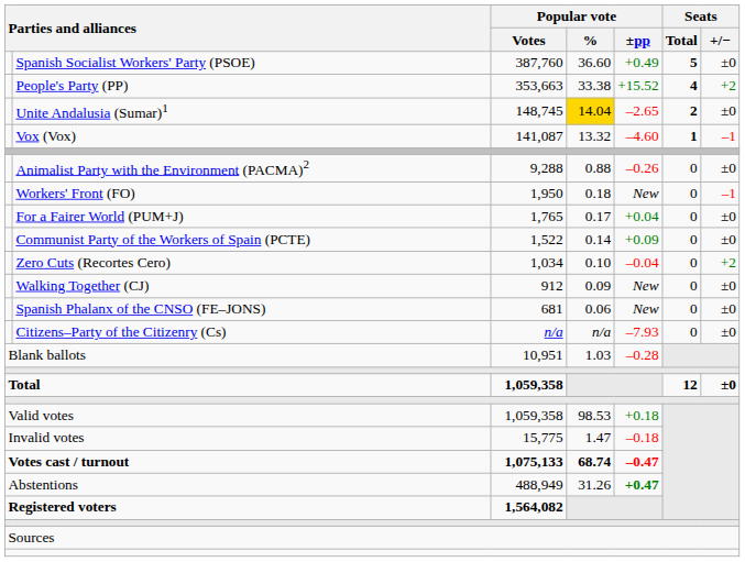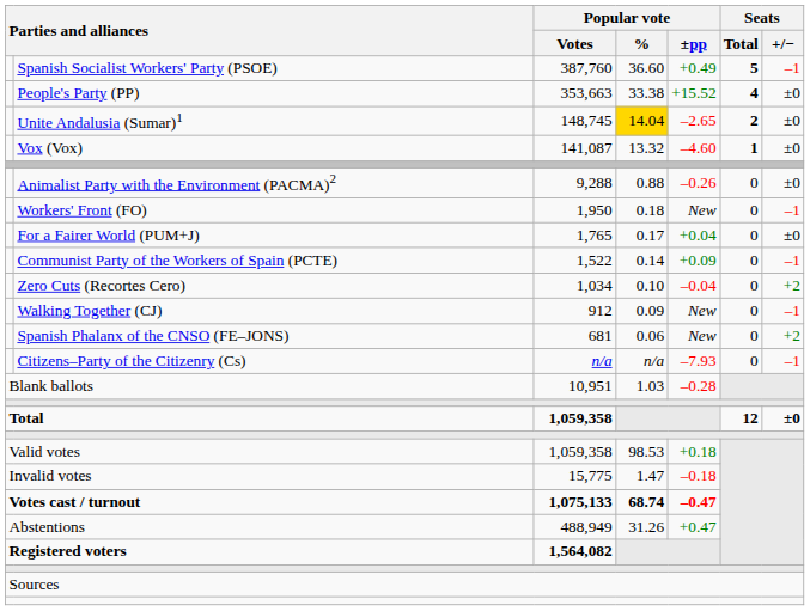 <table class="wikitable" style="text-align:right;">
 <tr>
 <th style="text-align:left;" rowspan="2" colspan="2" width="525">Parties and alliances</th>
 <th colspan="3">Popular vote</th>
 <th colspan="2">Seats</th>
 </tr>
 <tr>
 <th width="75">Votes</th>
 <th width="45">%</th>
 <th width="45">±<a href='#'>pp</a></th>
 <th width="35">Total</th>
 <th width="35">+/−</th>
 </tr>
 <tr>
 <td width="1" style="color:inherit;background:"></td>
 <td align="left"><a href='#'>Spanish Socialist Workers' Party</a> (PSOE)</td>
 <td>387,760</td>
 <td>36.60</td>
 <td style="color:green;">+0.49</td>
 <td><strong>5</strong></td>
-<td>±0</td>
+<td style="color:red;">–1</td>
 </tr>
 <tr>
 <td style="color:inherit;background:"></td>
 <td align="left"><a href='#'>People's Party</a> (PP)</td>
 <td>353,663</td>
 <td>33.38</td>
 <td style="color:green;">+15.52</td>
 <td><strong>4</strong></td>
-<td style="color:green;">+2</td>
+<td>±0</td>
 </tr>
 <tr>
 <td style="color:inherit;background:"></td>
 <td align="left"><a href='#'>Unite Andalusia</a> (Sumar)<sup>1</sup></td>
 <td>148,745</td>
 <td style="background: gold;">14.04</td>
 <td style="color:red;">–2.65</td>
 <td><strong>2</strong></td>
 <td>±0</td>
 </tr>
 <tr>
 <td style="color:inherit;background:"></td>
 <td align="left"><a href='#'>Vox</a> (Vox)</td>
 <td>141,087</td>
 <td>13.32</td>
 <td style="color:red;">–4.60</td>
 <td><strong>1</strong></td>
-<td style="color:red;">–1</td>
+<td>±0</td>
 </tr>
 <tr>
 <td colspan="7" bgcolor="#C0C0C0"></td>
 </tr>
 <tr>
 <td style="color:inherit;background:"></td>
 <td align="left"><a href='#'>Animalist Party with the Environment</a> (PACMA)<sup>2</sup></td>
 <td>9,288</td>
 <td>0.88</td>
 <td style="color:red;">–0.26</td>
 <td>0</td>
 <td>±0</td>
 </tr>
 <tr>
 <td style="color:inherit;background:"></td>
 <td align="left"><a href='#'>Workers' Front</a> (FO)</td>
 <td>1,950</td>
 <td>0.18</td>
 <td><em>New</em></td>
 <td>0</td>
 <td style="color:red;">–1</td>
 </tr>
 <tr>
 <td style="color:inherit;background:"></td>
 <td align="left"><a href='#'>For a Fairer World</a> (PUM+J)</td>
 <td>1,765</td>
 <td>0.17</td>
 <td style="color:green;">+0.04</td>
 <td>0</td>
 <td>±0</td>
 </tr>
 <tr>
 <td style="color:inherit;background:"></td>
 <td align="left"><a href='#'>Communist Party of the Workers of Spain</a> (PCTE)</td>
 <td>1,522</td>
 <td>0.14</td>
 <td style="color:green;">+0.09</td>
 <td>0</td>
-<td>±0</td>
+<td style="color:red;">–1</td>
 </tr>
 <tr>
 <td style="color:inherit;background:"></td>
 <td align="left"><a href='#'>Zero Cuts</a> (Recortes Cero)</td>
 <td>1,034</td>
 <td>0.10</td>
 <td style="color:red;">–0.04</td>
 <td>0</td>
 <td style="color:green;">+2</td>
 </tr>
 <tr>
 <td style="color:inherit;background:"></td>
 <td align="left"><a href='#'>Walking Together</a> (CJ)</td>
 <td>912</td>
 <td>0.09</td>
 <td><em>New</em></td>
 <td>0</td>
-<td>±0</td>
+<td style="color:red;">–1</td>
 </tr>
 <tr>
 <td style="color:inherit;background:"></td>
 <td align="left"><a href='#'>Spanish Phalanx of the CNSO</a> (FE–JONS)</td>
 <td>681</td>
 <td>0.06</td>
 <td><em>New</em></td>
 <td>0</td>
-<td>±0</td>
+<td style="color:green;">+2</td>
 </tr>
 <tr>
 <td style="color:inherit;background:"></td>
 <td align="left"><a href='#'>Citizens–Party of the Citizenry</a> (Cs)</td>
 <td><em><a href='#'>n/a</a></em></td>
 <td><em>n/a</em></td>
 <td style="color:red;">–7.93</td>
 <td>0</td>
-<td>±0</td>
+<td style="color:red;">–1</td>
 </tr>
 <tr>
 <td align="left" colspan="2">Blank ballots</td>
 <td>10,951</td>
 <td>1.03</td>
 <td style="color:red;">–0.28</td>
 <td bgcolor="#E9E9E9" colspan="2"></td>
 </tr>
 <tr>
 <td colspan="7" bgcolor="#E9E9E9"></td>
 </tr>
 <tr style="font-weight:bold;">
 <td align="left" colspan="2">Total</td>
 <td>1,059,358</td>
 <td bgcolor="#E9E9E9" colspan="2"></td>
 <td>12</td>
 <td>±0</td>
 </tr>
 <tr>
 <td colspan="7" bgcolor="#E9E9E9"></td>
 </tr>
 <tr>
 <td align="left" colspan="2">Valid votes</td>
 <td>1,059,358</td>
 <td>98.53</td>
 <td style="color:green;">+0.18</td>
 <td bgcolor="#E9E9E9" colspan="2" rowspan="5"></td>
 </tr>
 <tr>
 <td align="left" colspan="2">Invalid votes</td>
 <td>15,775</td>
 <td>1.47</td>
 <td style="color:red;">–0.18</td>
 </tr>
 <tr style="font-weight:bold;">
 <td align="left" colspan="2">Votes cast / turnout</td>
 <td>1,075,133</td>
 <td>68.74</td>
 <td style="color:red;">–0.47</td>
 </tr>
 <tr>
 <td align="left" colspan="2">Abstentions</td>
 <td>488,949</td>
 <td>31.26</td>
-<td style="color:green;"><strong>+0.47</strong></td>
+<td style="color:green;">+0.47</td>
 </tr>
 <tr style="font-weight:bold;">
 <td align="left" colspan="2">Registered voters</td>
 <td>1,564,082</td>
 <td bgcolor="#E9E9E9" colspan="2"></td>
 </tr>
 <tr>
 <td colspan="7" bgcolor="#E9E9E9"></td>
 </tr>
 <tr>
 <td align="left" colspan="7">Sources</td>
 </tr>
 <tr>
 <td colspan="7" style="text-align:left; max-width:790px;"></td>
 </tr>
 </table>
